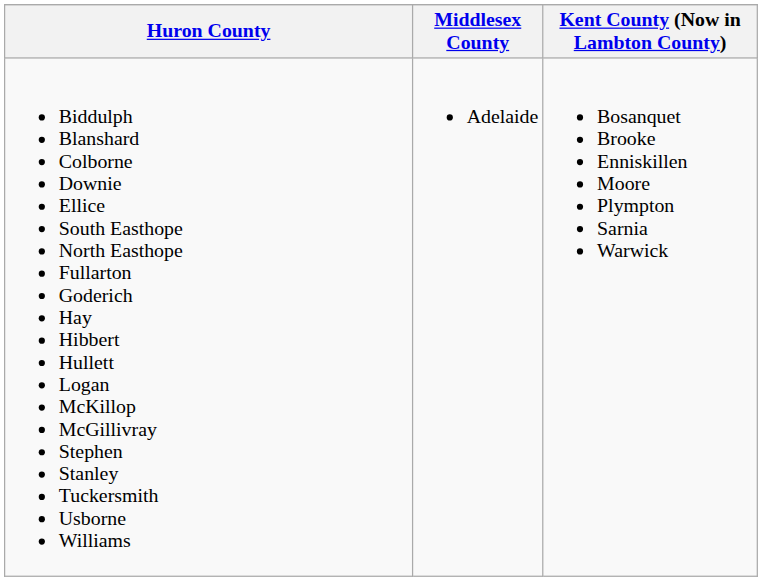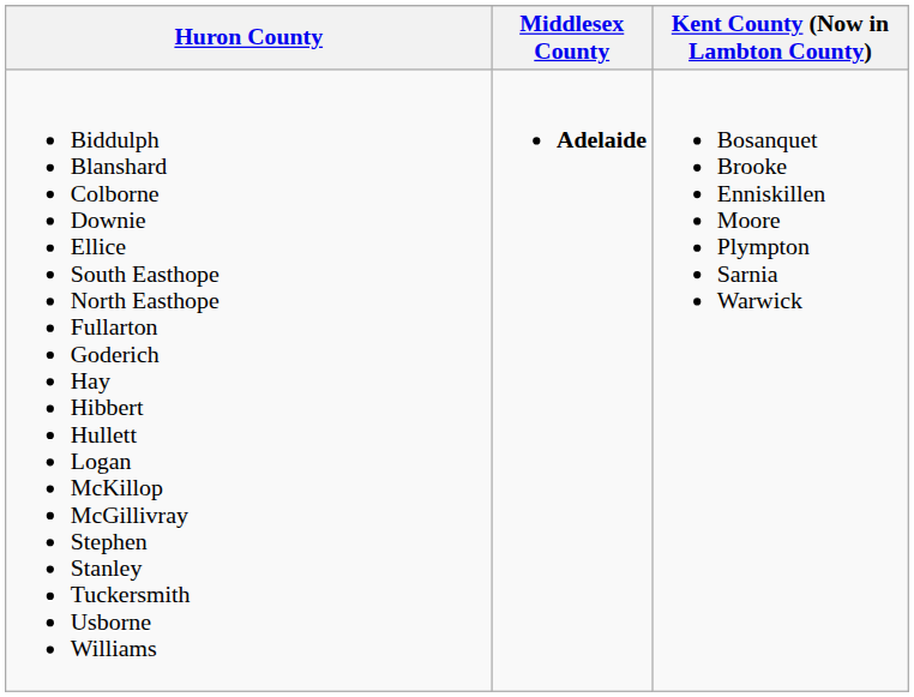 <table class = "wikitable">
 <tr>
 </tr>
 <tr>
 <th width=60%><a href='#'>Huron County</a></th>
 <th width=10%><a href='#'>Middlesex County</a></th>
 <th width=30%><a href='#'>Kent County</a> (Now in <a href='#'>Lambton County</a>)</th>
 </tr>
 <tr valign = "top">
 <td><br><ul><li>Biddulph</li><li>Blanshard</li><li>Colborne</li><li>Downie</li><li>Ellice</li><li>South Easthope</li><li>North Easthope</li><li>Fullarton</li><li>Goderich</li><li>Hay</li><li>Hibbert</li><li>Hullett</li><li>Logan</li><li>McKillop</li><li>McGillivray</li><li>Stephen</li><li>Stanley</li><li>Tuckersmith</li><li>Usborne</li><li>Williams</li></ul></td>
-<td><br><ul><li>Adelaide</li></ul></td>
+<td><strong><br><ul><li>Adelaide</li></ul></strong></td>
 <td><br><ul><li>Bosanquet</li><li>Brooke</li><li>Enniskillen</li><li>Moore</li><li>Plympton</li><li>Sarnia</li><li>Warwick</li></ul></td>
 </tr>
 </table>
